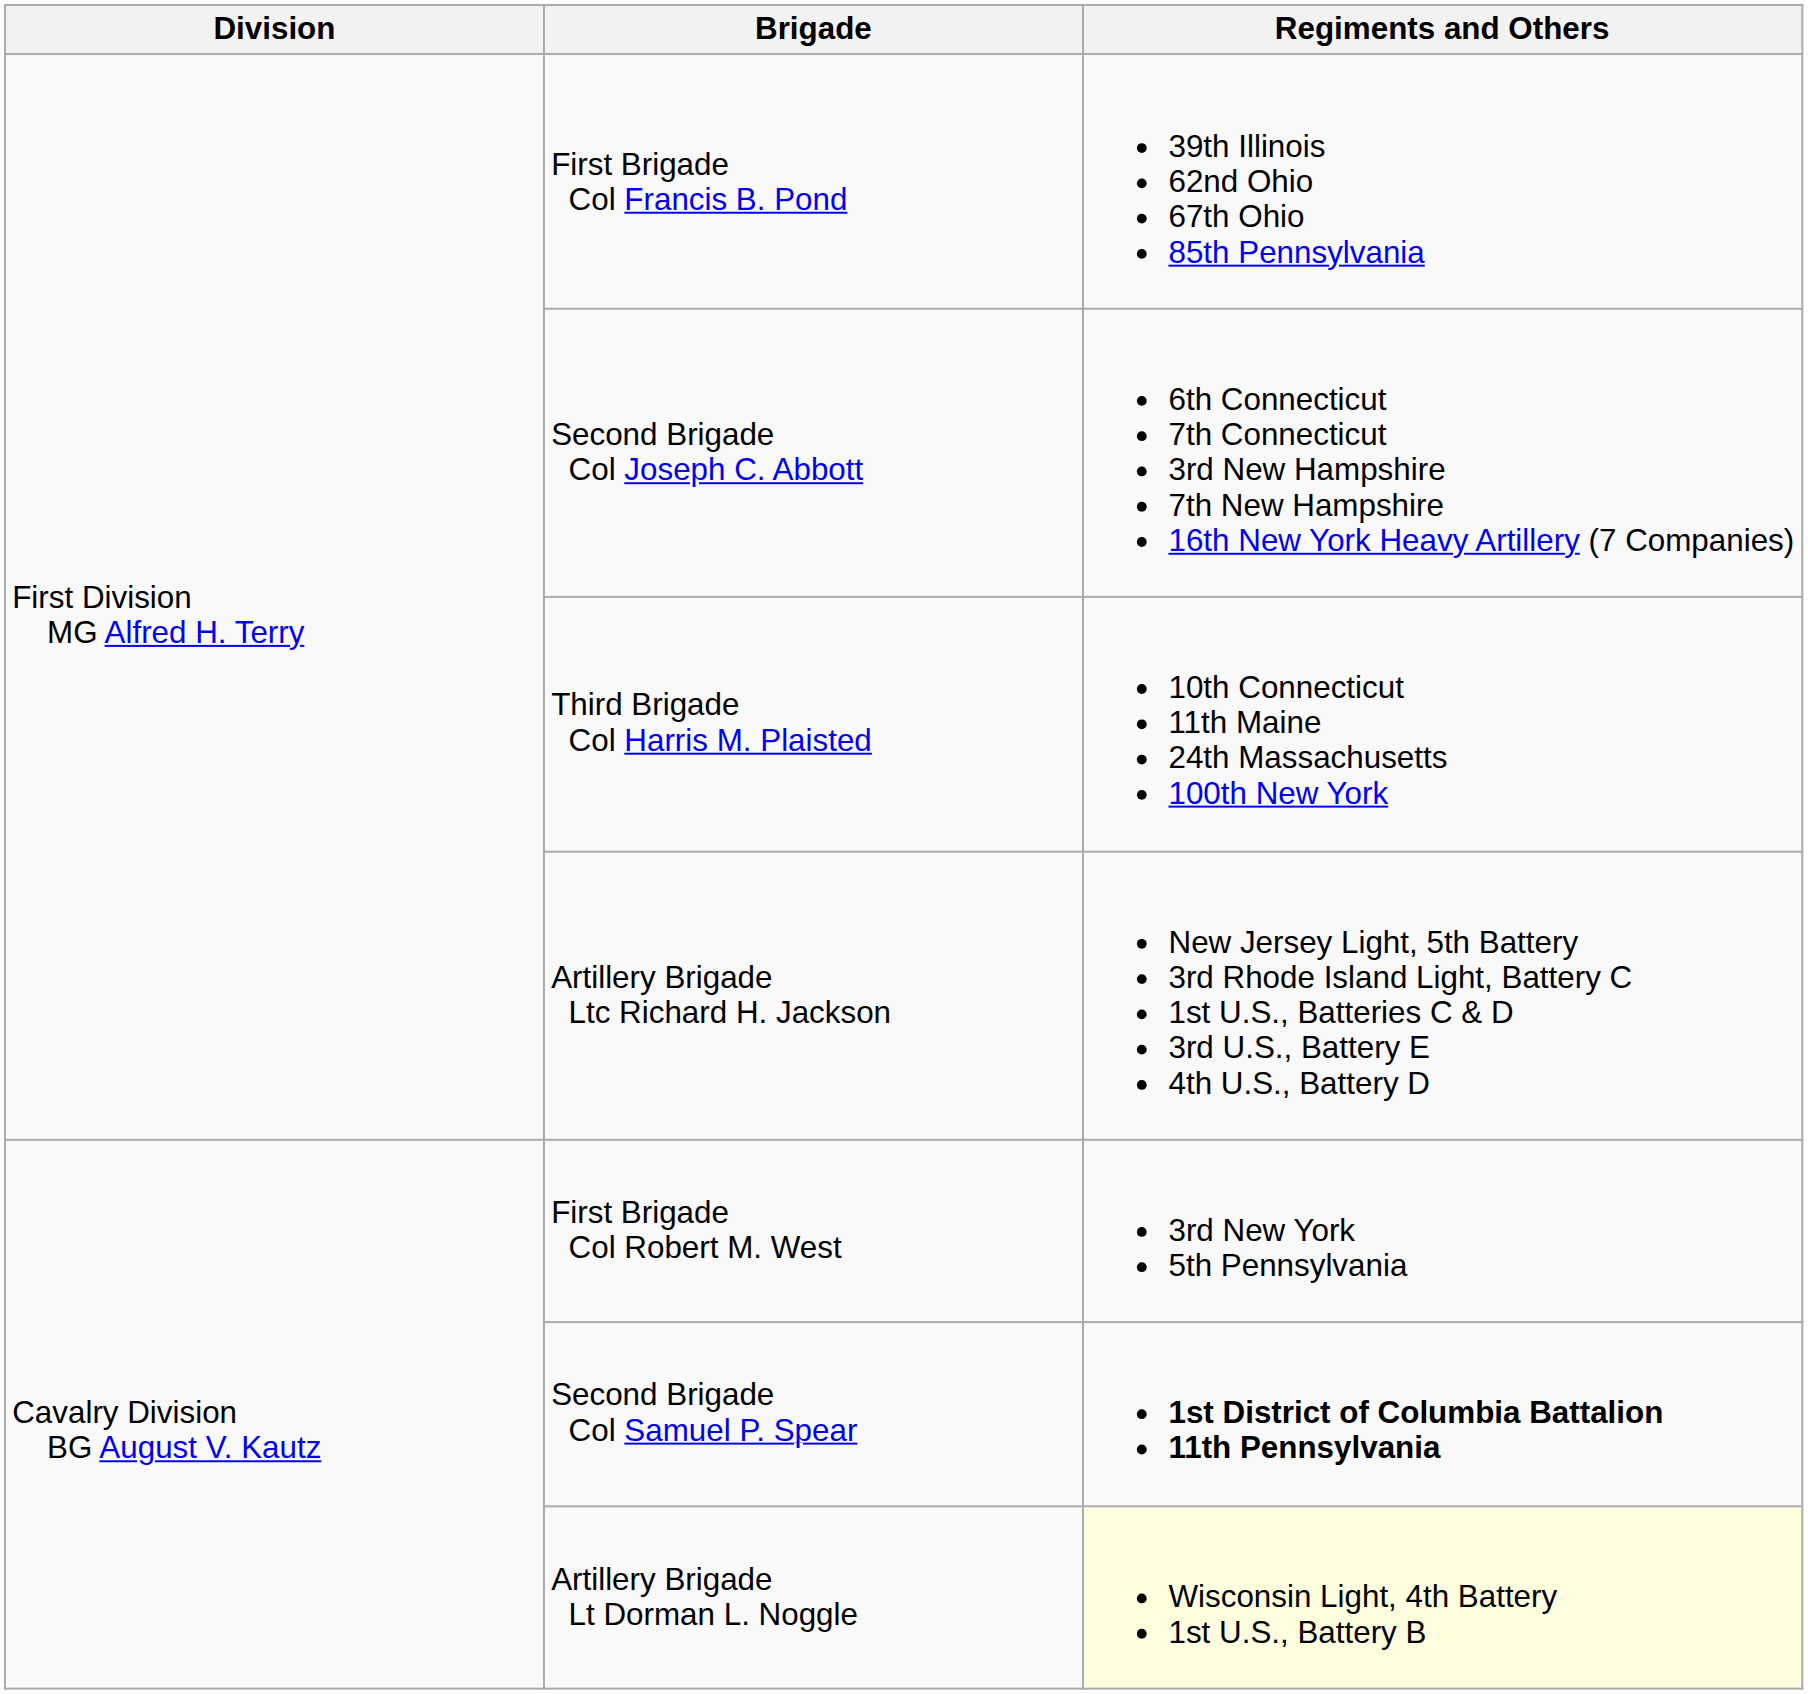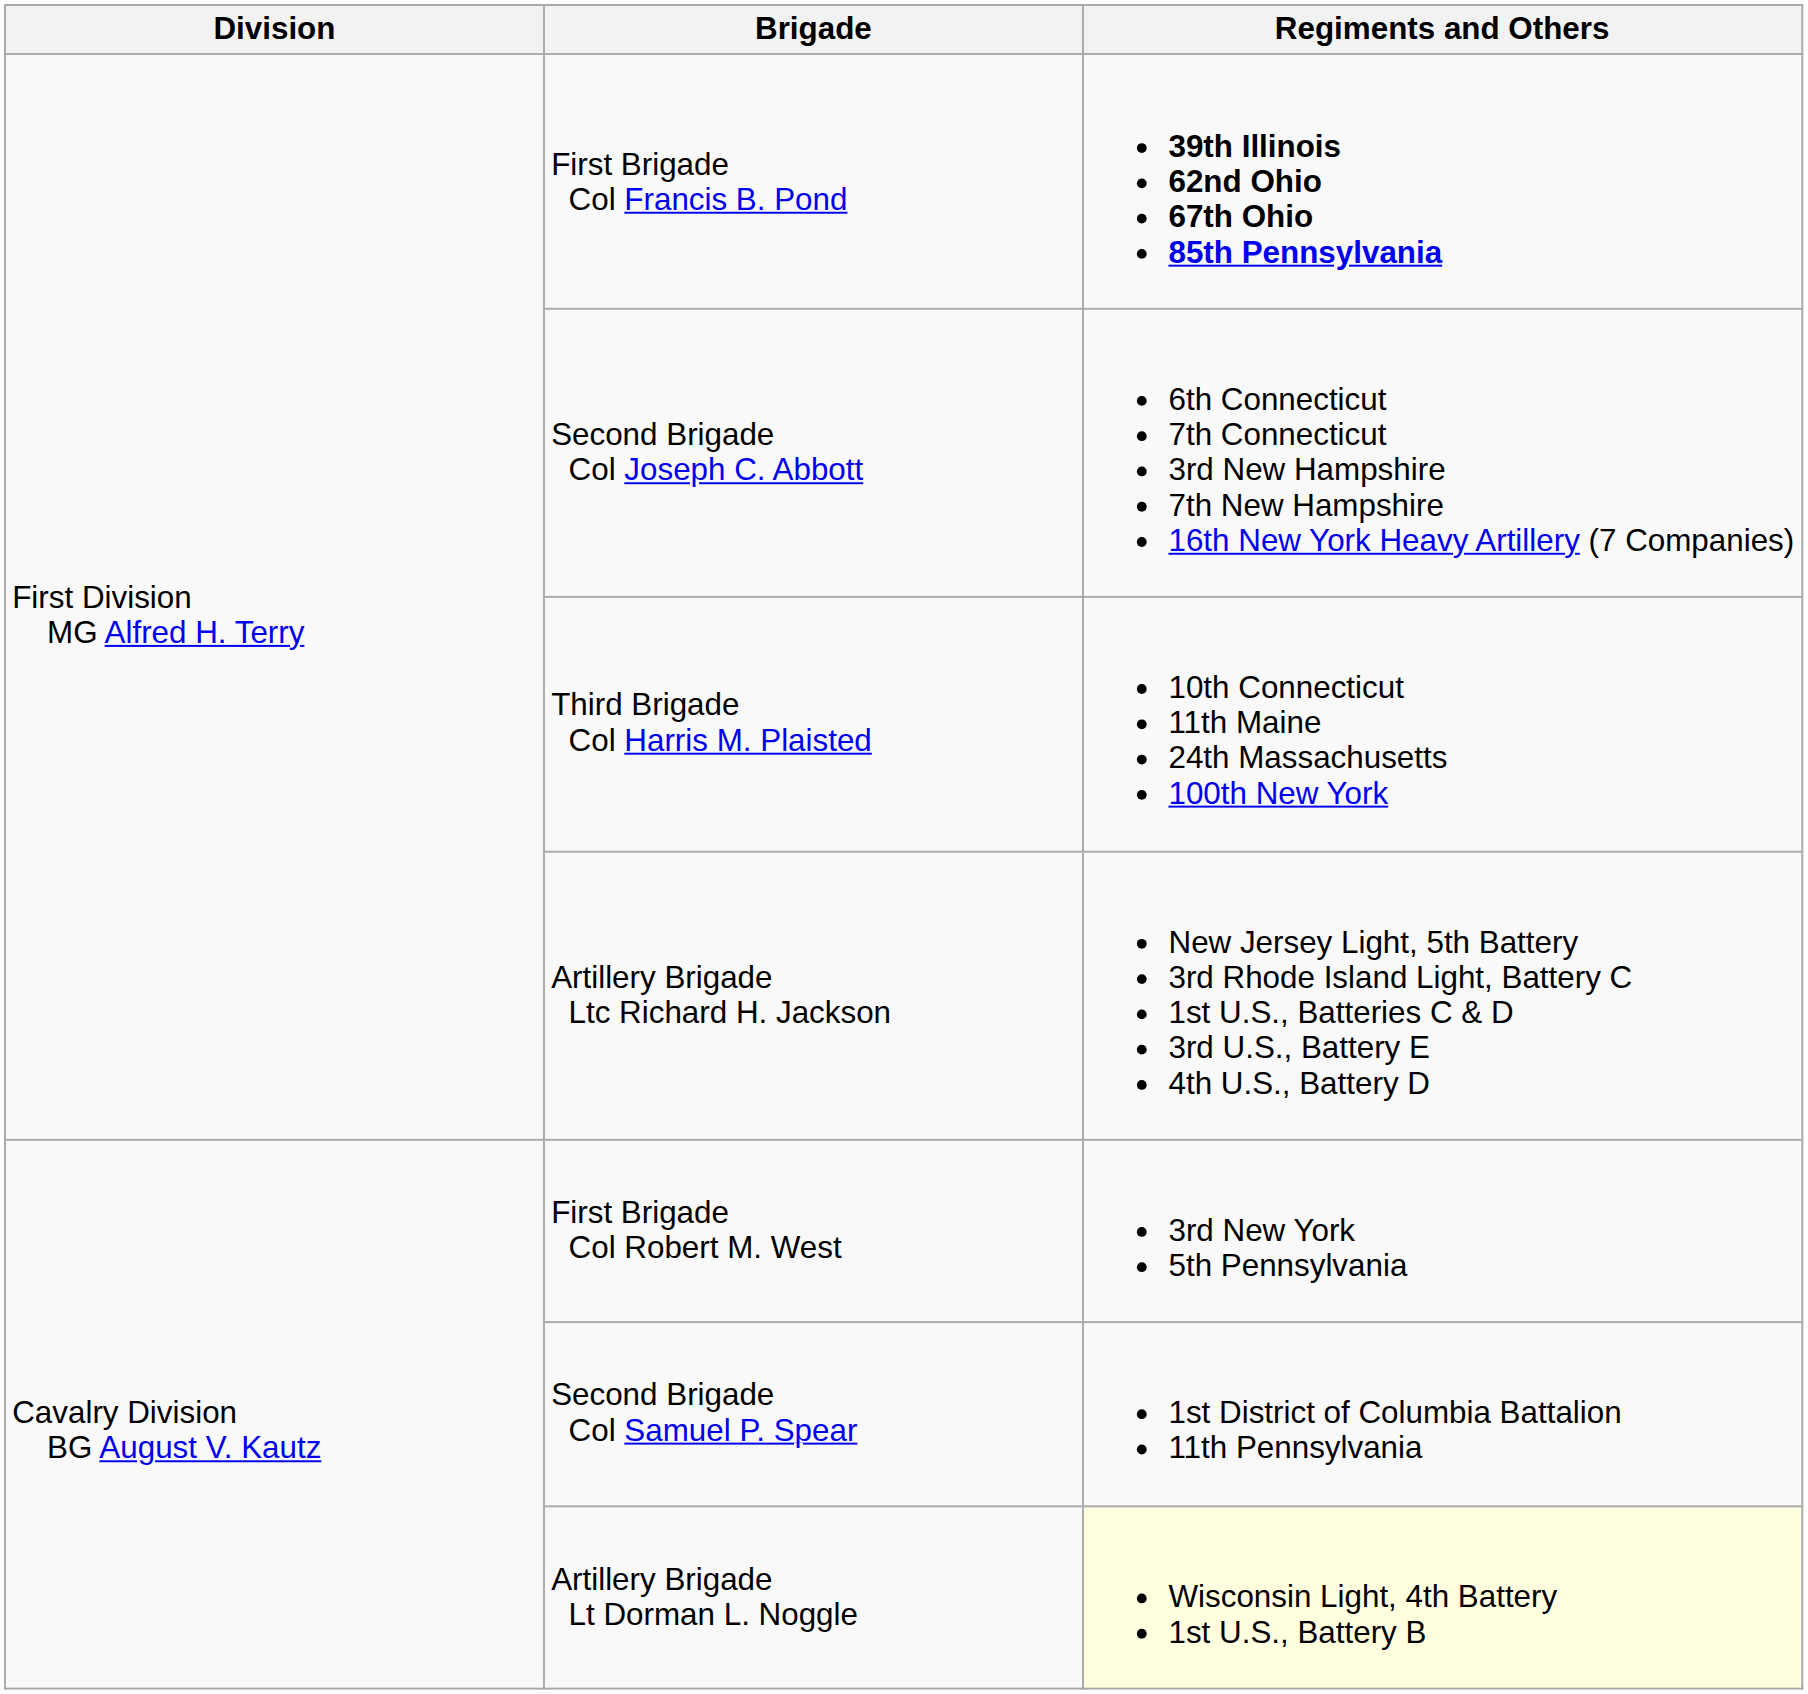 <table class="wikitable">
 <tr>
 <th width=30%>Division</th>
 <th width=30%>Brigade</th>
 <th>Regiments and Others</th>
 </tr>
 <tr>
 <td rowspan=4><br>First Division <br>    MG <a href='#'>Alfred H. Terry</a></td>
 <td>First Brigade<br>  Col <a href='#'>Francis B. Pond</a></td>
-<td><br><ul><li>39th Illinois</li><li>62nd Ohio</li><li>67th Ohio</li><li><a href='#'>85th Pennsylvania</a></li></ul></td>
+<td><strong><br><ul><li>39th Illinois</li><li>62nd Ohio</li><li>67th Ohio</li><li><a href='#'>85th Pennsylvania</a></li></ul></strong></td>
 </tr>
 <tr>
 <td>Second Brigade<br>  Col <a href='#'>Joseph C. Abbott</a></td>
 <td><br><ul><li>6th Connecticut</li><li>7th Connecticut</li><li>3rd New Hampshire</li><li>7th New Hampshire</li><li><a href='#'>16th New York Heavy Artillery</a> (7 Companies)</li></ul></td>
 </tr>
 <tr>
 <td>Third Brigade<br>  Col <a href='#'>Harris M. Plaisted</a></td>
 <td><br><ul><li>10th Connecticut</li><li>11th Maine</li><li>24th Massachusetts</li><li><a href='#'>100th New York</a></li></ul></td>
 </tr>
 <tr>
 <td>Artillery Brigade<br>  Ltc Richard H. Jackson</td>
 <td><br><ul><li>New Jersey Light, 5th Battery</li><li>3rd Rhode Island Light, Battery C</li><li>1st U.S., Batteries C & D</li><li>3rd U.S., Battery E</li><li>4th U.S., Battery D</li></ul></td>
 </tr>
 <tr>
 <td rowspan=3><br>Cavalry	Division <br>    BG <a href='#'>August V. Kautz</a></td>
 <td>First Brigade<br>  Col Robert M. West</td>
 <td><br><ul><li>3rd New York</li><li>5th Pennsylvania</li></ul></td>
 </tr>
 <tr>
 <td>Second Brigade<br>  Col <a href='#'>Samuel P. Spear</a></td>
-<td><strong><br><ul><li>1st District of Columbia Battalion</li><li>11th Pennsylvania</li></ul></strong></td>
+<td><br><ul><li>1st District of Columbia Battalion</li><li>11th Pennsylvania</li></ul></td>
 </tr>
 <tr>
 <td>Artillery Brigade<br>  Lt Dorman L. Noggle</td>
 <td style="background: lightyellow;"><br><ul><li>Wisconsin Light, 4th Battery</li><li>1st U.S., Battery B</li></ul></td>
 </tr>
 </table>
